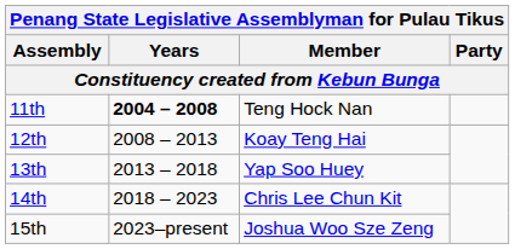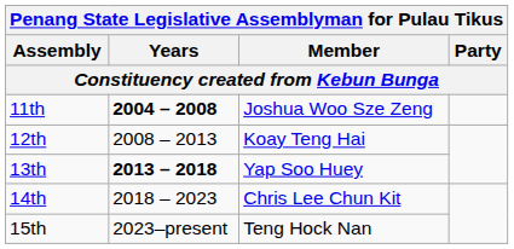 <table class="wikitable">
 <tr>
 <th colspan="4"><a href='#'>Penang State Legislative Assemblyman</a> for Pulau Tikus</th>
 </tr>
 <tr>
 <th>Assembly</th>
 <th>Years</th>
 <th>Member</th>
 <th>Party</th>
 </tr>
 <tr>
 <th colspan="4" align="center"><em>Constituency created from <a href='#'>Kebun Bunga</a></em></th>
 </tr>
 <tr>
 <td><a href='#'>11th</a></td>
 <td><strong>2004 – 2008</strong></td>
-<td>Teng Hock Nan</td>
+<td><a href='#'>Joshua Woo Sze Zeng</a></td>
 <td></td>
 </tr>
 <tr>
 <td><a href='#'>12th</a></td>
 <td>2008 – 2013</td>
 <td><a href='#'>Koay Teng Hai</a></td>
 <td rowspan="2"></td>
 </tr>
 <tr>
 <td><a href='#'>13th</a></td>
-<td>2013 – 2018</td>
+<td><strong>2013 – 2018</strong></td>
 <td><a href='#'>Yap Soo Huey</a></td>
 </tr>
 <tr>
 <td><a href='#'>14th</a></td>
 <td>2018 – 2023</td>
 <td><a href='#'>Chris Lee Chun Kit</a></td>
 <td rowspan=2></td>
 </tr>
 <tr>
 <td>15th</td>
 <td>2023–present</td>
-<td><a href='#'>Joshua Woo Sze Zeng</a></td>
+<td>Teng Hock Nan</td>
 </tr>
 </table>
